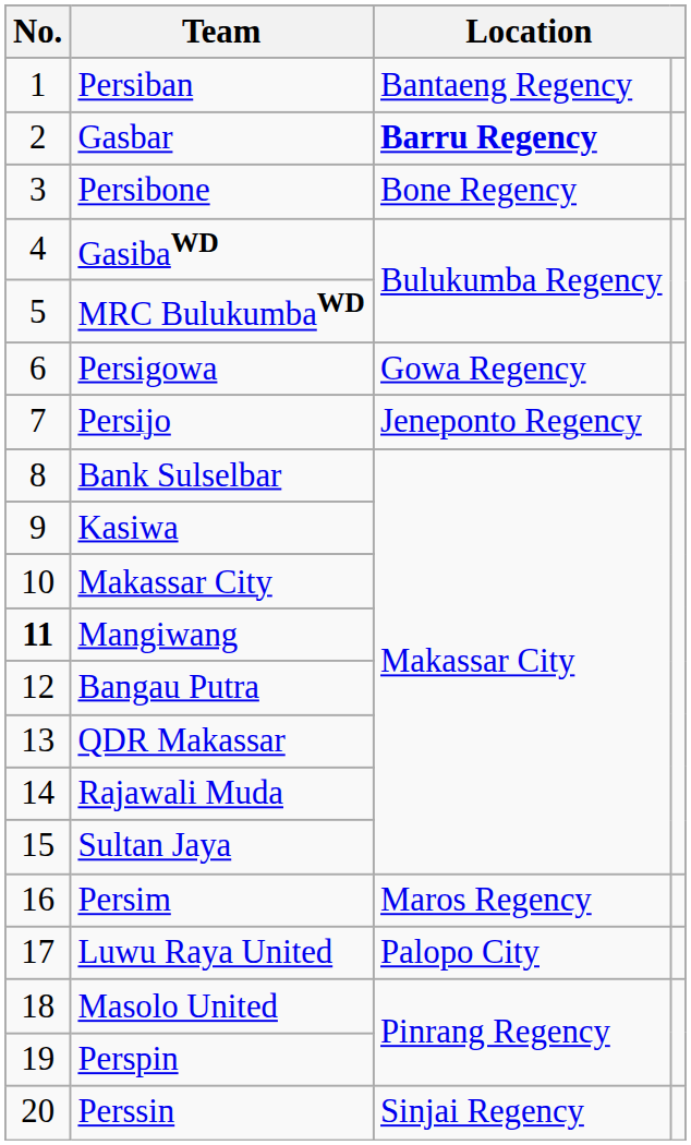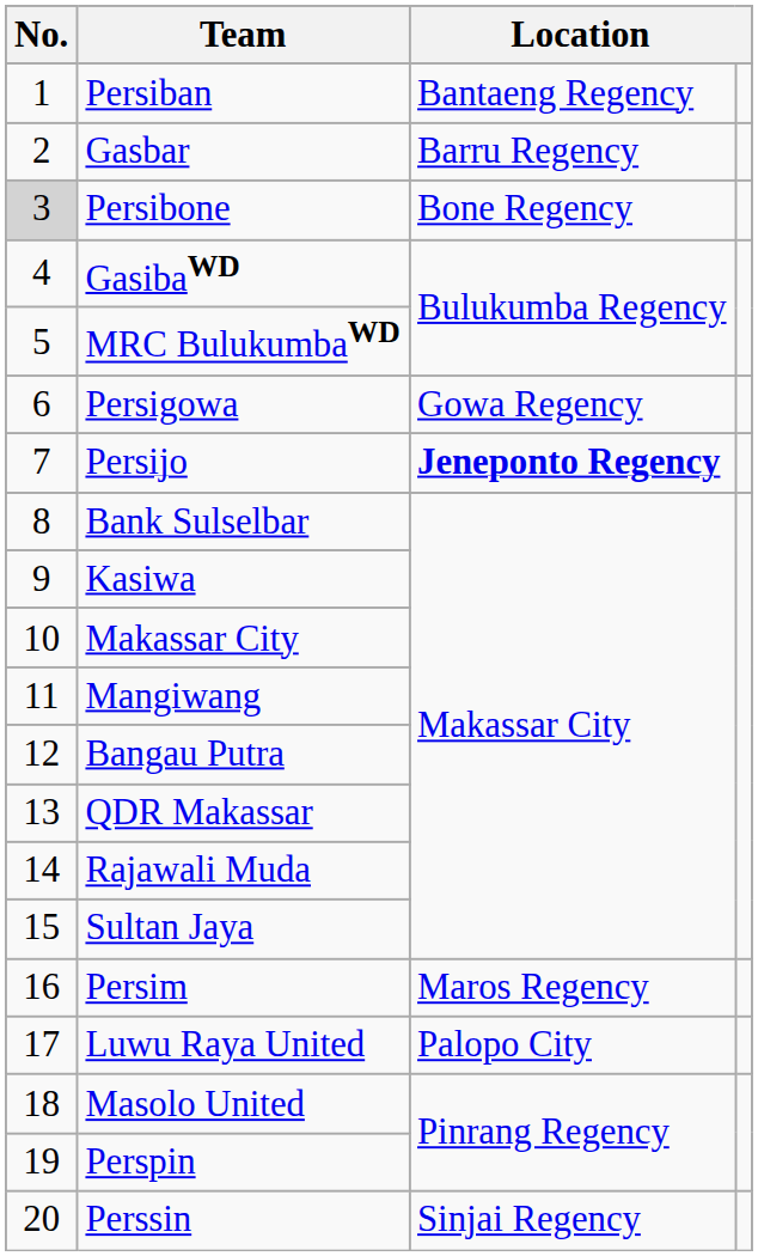 <table class="wikitable">
 <tr>
 <th>No.</th>
 <th>Team</th>
 <th colspan=2>Location</th>
 </tr>
 <tr>
 <td align=center>1</td>
 <td><a href='#'>Persiban</a></td>
 <td><a href='#'>Bantaeng Regency</a></td>
 <td></td>
 </tr>
 <tr>
 <td align=center>2</td>
 <td><a href='#'>Gasbar</a></td>
-<td><strong><a href='#'>Barru Regency</a></strong></td>
+<td><a href='#'>Barru Regency</a></td>
 <td></td>
 </tr>
 <tr>
-<td align=center>3</td>
+<td align=center style="background: lightgrey;">3</td>
 <td><a href='#'>Persibone</a></td>
 <td><a href='#'>Bone Regency</a></td>
 <td></td>
 </tr>
 <tr>
 <td align=center>4</td>
 <td><a href='#'>Gasiba</a><sup><strong>WD</strong></sup></td>
 <td rowspan=2><a href='#'>Bulukumba Regency</a></td>
 <td rowspan=2></td>
 </tr>
 <tr>
 <td align=center>5</td>
 <td><a href='#'>MRC Bulukumba</a><sup><strong>WD</strong></sup></td>
 </tr>
 <tr>
 <td align=center>6</td>
 <td><a href='#'>Persigowa</a></td>
 <td><a href='#'>Gowa Regency</a></td>
 <td></td>
 </tr>
 <tr>
 <td align=center>7</td>
 <td><a href='#'>Persijo</a></td>
-<td><a href='#'>Jeneponto Regency</a></td>
+<td><strong><a href='#'>Jeneponto Regency</a></strong></td>
 <td></td>
 </tr>
 <tr>
 <td align=center>8</td>
 <td><a href='#'>Bank Sulselbar</a></td>
 <td rowspan=8><a href='#'>Makassar City</a></td>
 <td rowspan=8></td>
 </tr>
 <tr>
 <td align=center>9</td>
 <td><a href='#'>Kasiwa</a></td>
 </tr>
 <tr>
 <td align=center>10</td>
 <td><a href='#'>Makassar City</a></td>
 </tr>
 <tr>
-<td align=center><strong>11</strong></td>
+<td align=center>11</td>
 <td><a href='#'>Mangiwang</a></td>
 </tr>
 <tr>
 <td align=center>12</td>
 <td><a href='#'>Bangau Putra</a></td>
 </tr>
 <tr>
 <td align=center>13</td>
 <td><a href='#'>QDR Makassar</a></td>
 </tr>
 <tr>
 <td align=center>14</td>
 <td><a href='#'>Rajawali Muda</a></td>
 </tr>
 <tr>
 <td align=center>15</td>
 <td><a href='#'>Sultan Jaya</a></td>
 </tr>
 <tr>
 <td align=center>16</td>
 <td><a href='#'>Persim</a></td>
 <td><a href='#'>Maros Regency</a></td>
 <td></td>
 </tr>
 <tr>
 <td align=center>17</td>
 <td><a href='#'>Luwu Raya United</a></td>
 <td><a href='#'>Palopo City</a></td>
 <td></td>
 </tr>
 <tr>
 <td align=center>18</td>
 <td><a href='#'>Masolo United</a></td>
 <td rowspan=2><a href='#'>Pinrang Regency</a></td>
 <td rowspan=2></td>
 </tr>
 <tr>
 <td align=center>19</td>
 <td><a href='#'>Perspin</a></td>
 </tr>
 <tr>
 <td align=center>20</td>
 <td><a href='#'>Perssin</a></td>
 <td><a href='#'>Sinjai Regency</a></td>
 <td></td>
 </tr>
 </table>
